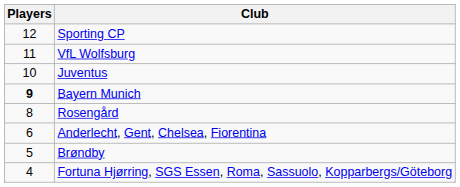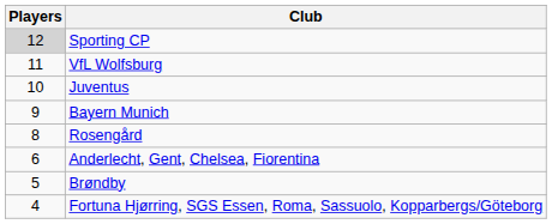 <table class="wikitable">
 <tr>
 <th>Players</th>
 <th>Club</th>
 </tr>
 <tr>
-<td align="center">12</td>
+<td align="center" style="background: lightgrey;">12</td>
 <td> <a href='#'>Sporting CP</a></td>
 </tr>
 <tr>
 <td align="center">11</td>
 <td> <a href='#'>VfL Wolfsburg</a></td>
 </tr>
 <tr>
 <td align="center">10</td>
 <td> <a href='#'>Juventus</a></td>
 </tr>
 <tr>
-<td align="center"><strong>9</strong></td>
+<td align="center">9</td>
 <td> <a href='#'>Bayern Munich</a></td>
 </tr>
 <tr>
 <td align="center">8</td>
 <td> <a href='#'>Rosengård</a></td>
 </tr>
 <tr>
 <td align="center">6</td>
 <td> <a href='#'>Anderlecht</a>,  <a href='#'>Gent</a>,  <a href='#'>Chelsea</a>,  <a href='#'>Fiorentina</a></td>
 </tr>
 <tr>
 <td align="center">5</td>
 <td> <a href='#'>Brøndby</a></td>
 </tr>
 <tr>
 <td align="center">4</td>
 <td> <a href='#'>Fortuna Hjørring</a>,  <a href='#'>SGS Essen</a>,  <a href='#'>Roma</a>,  <a href='#'>Sassuolo</a>,  <a href='#'>Kopparbergs/Göteborg</a></td>
 </tr>
 </table>
